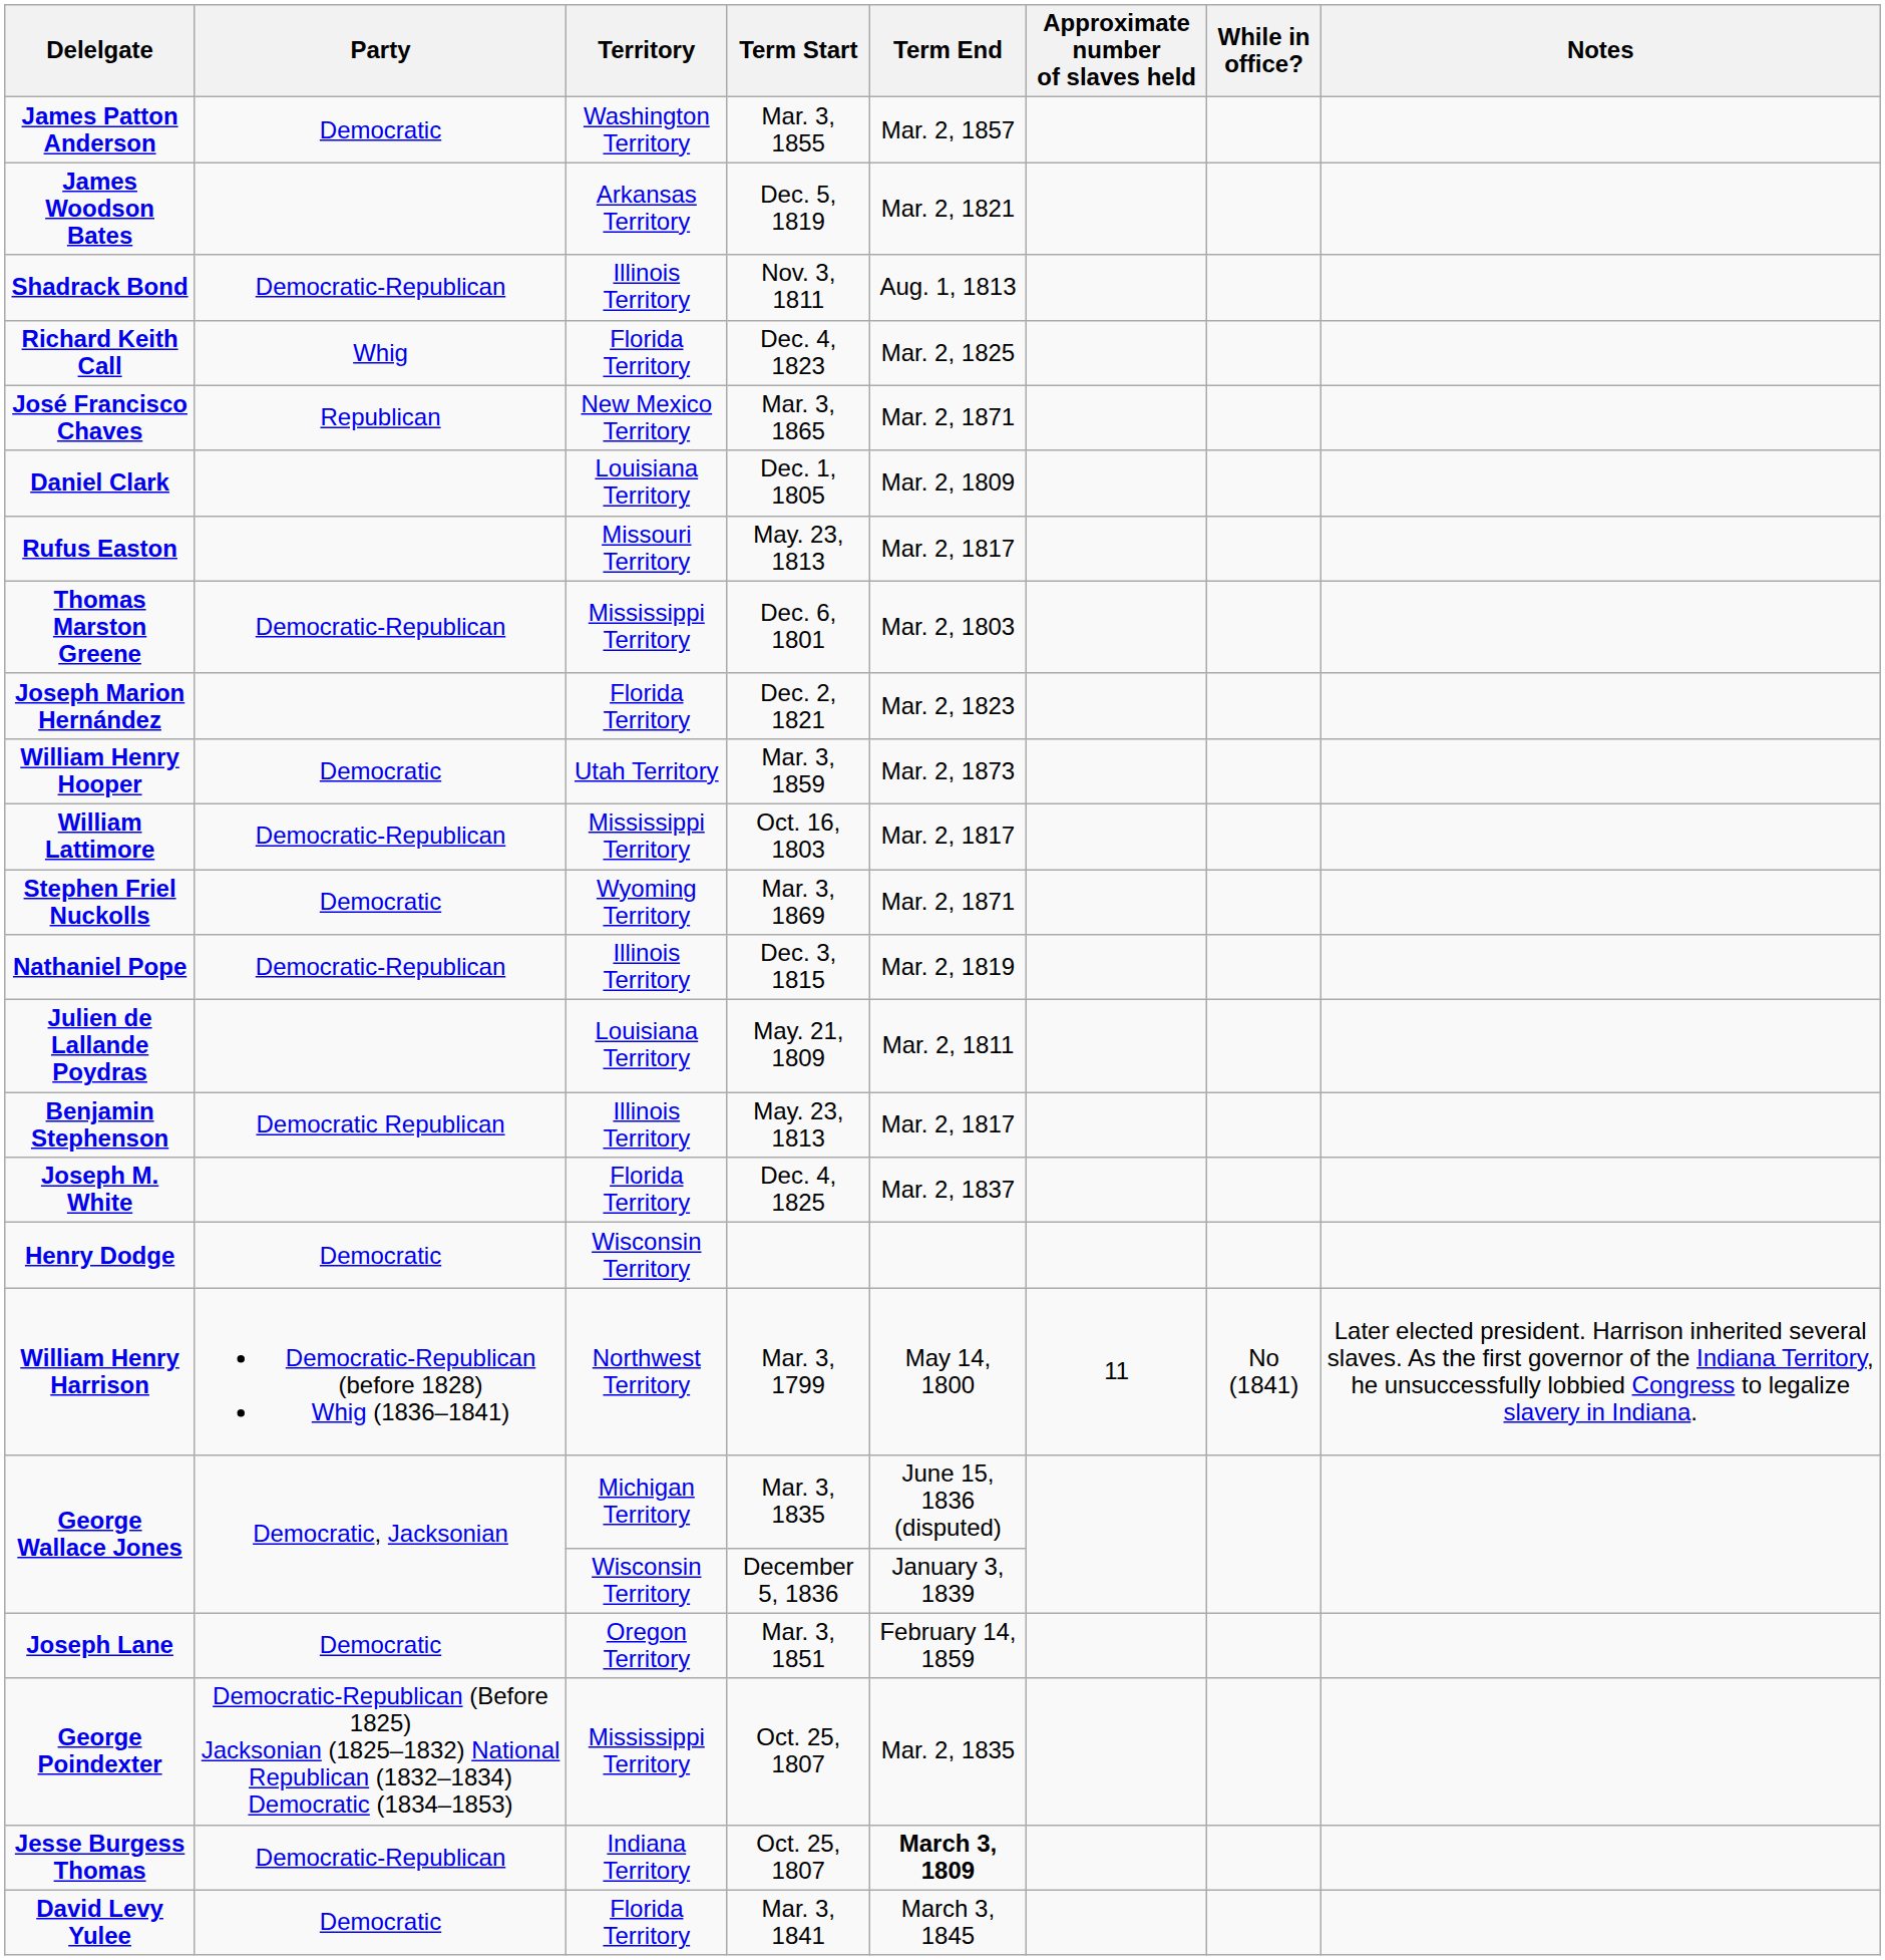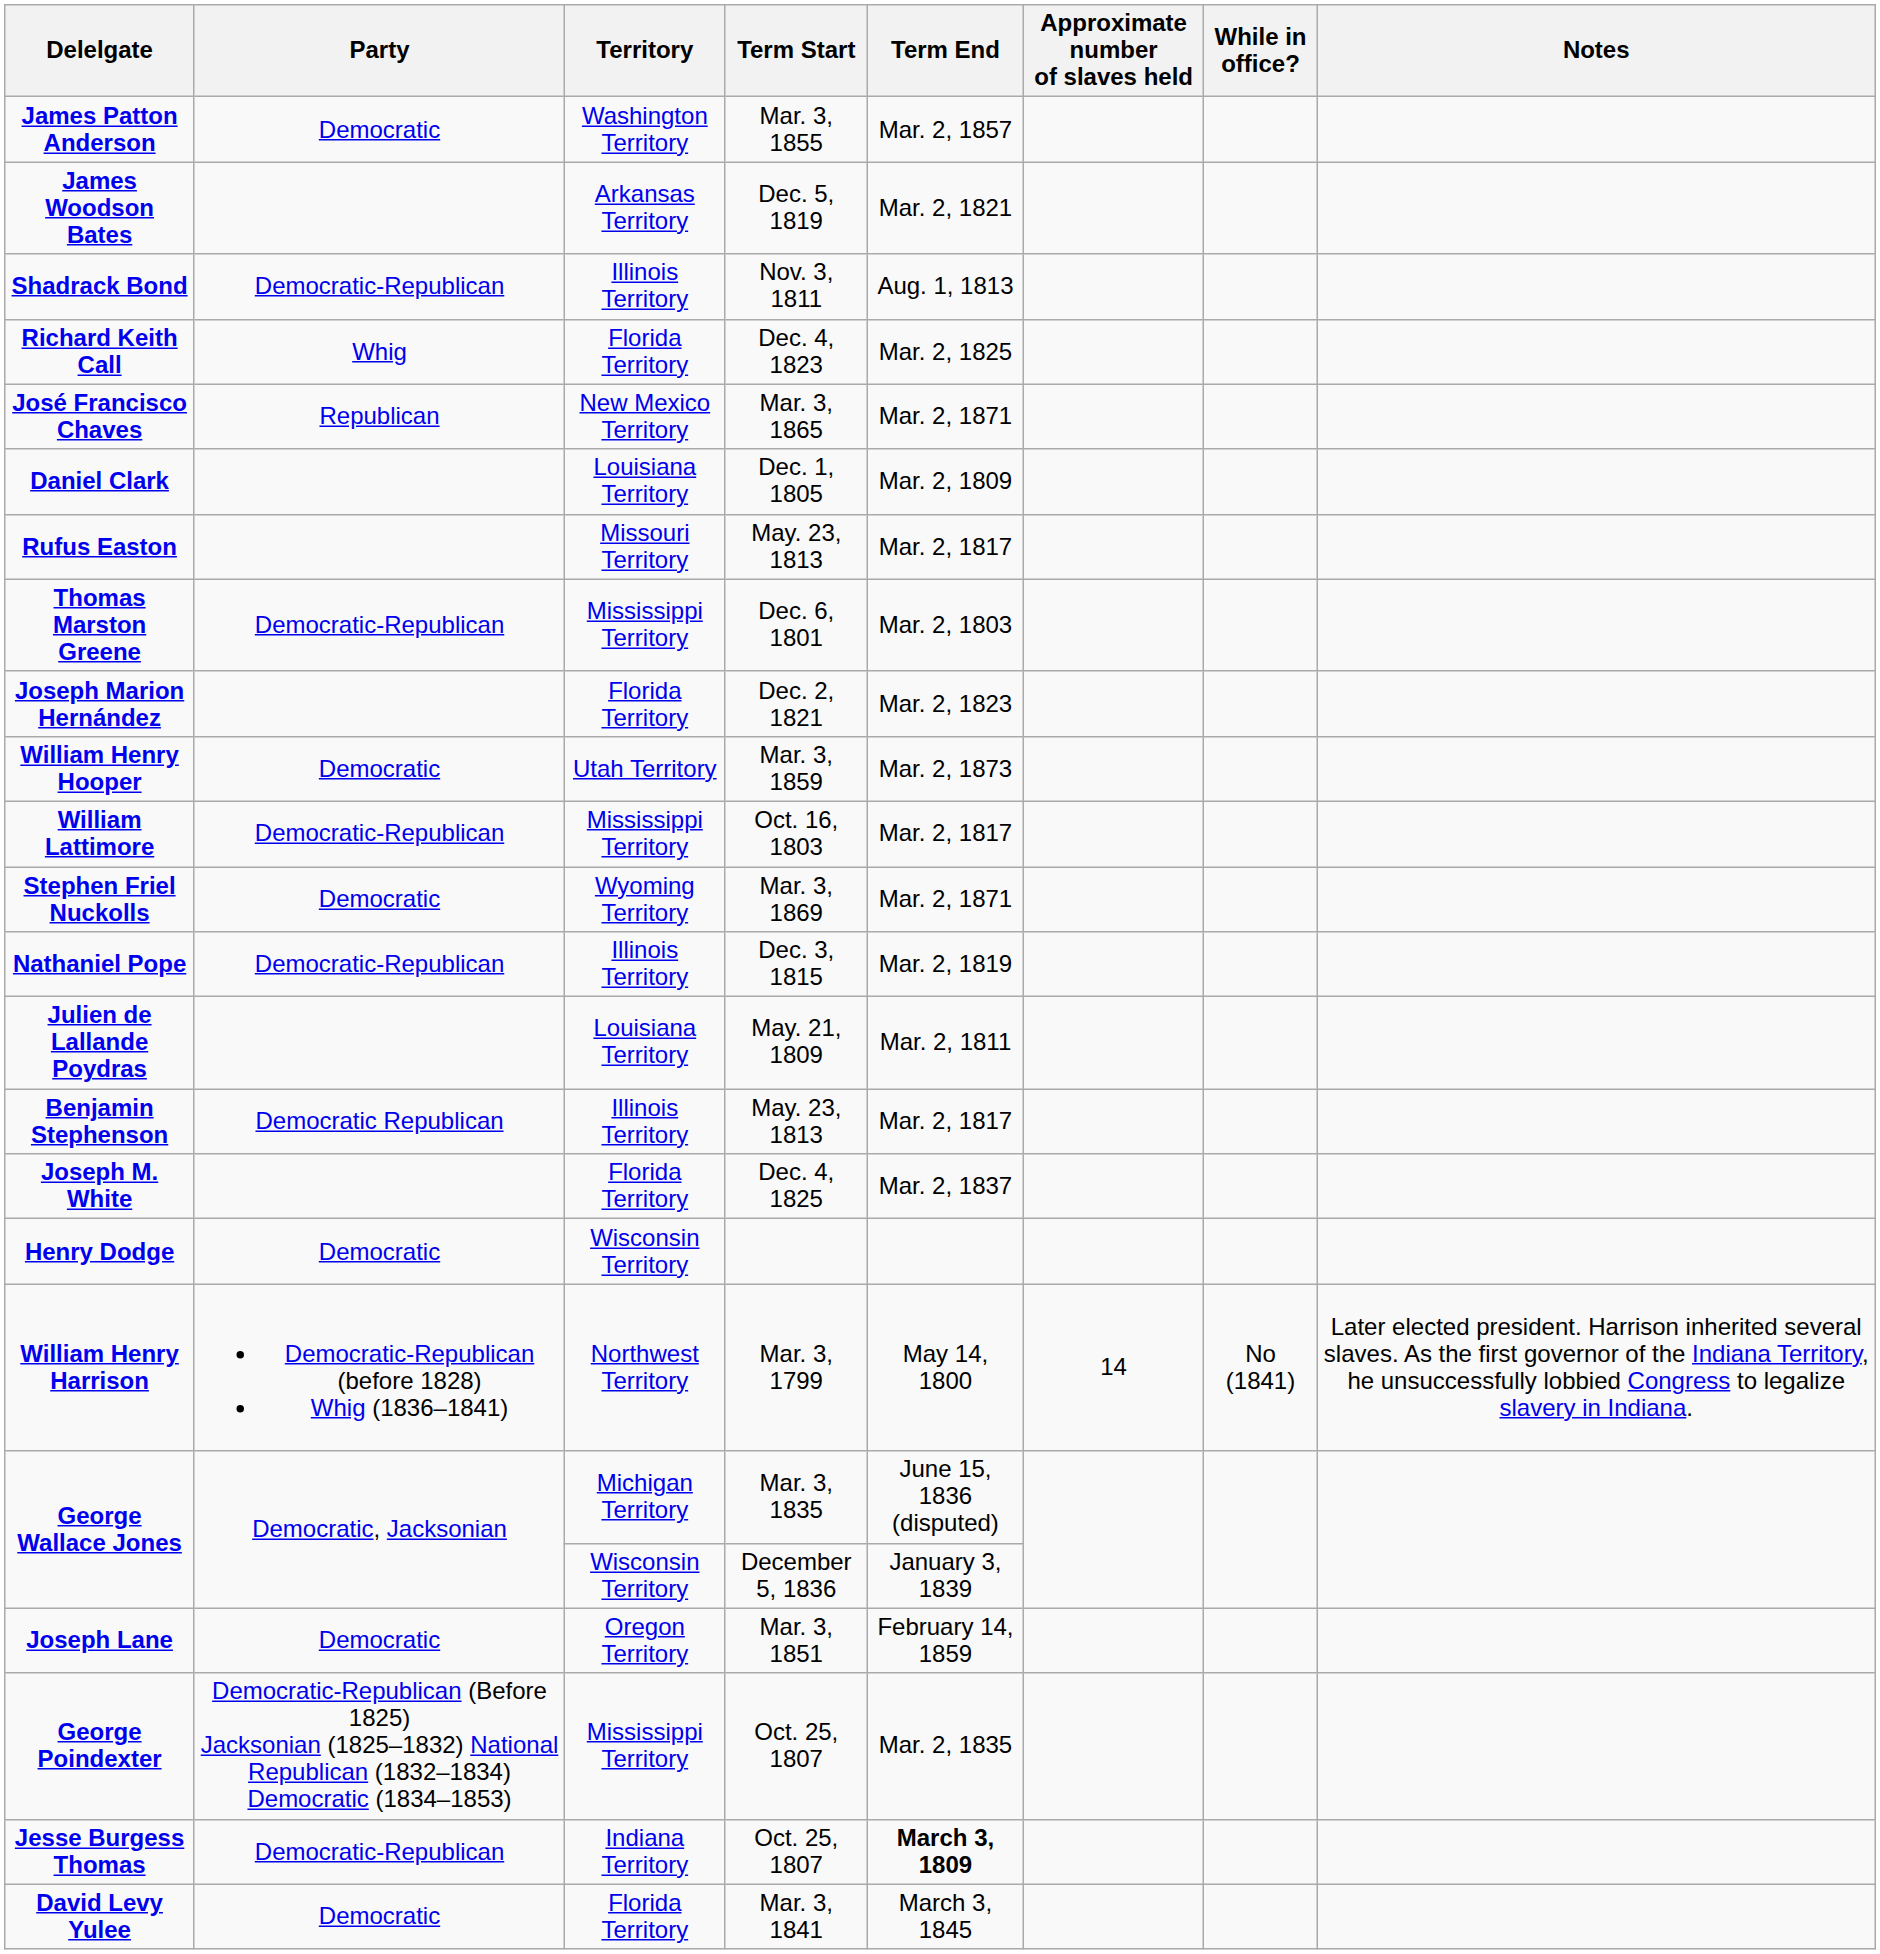 <table class="wikitable sortable" style="text-align:center">
 <tr>
 <th>Delelgate</th>
 <th>Party</th>
 <th>Territory</th>
 <th>Term Start</th>
 <th>Term End</th>
 <th>Approximate number<br>of slaves held</th>
 <th>While in office?</th>
 <th>Notes</th>
 </tr>
 <tr>
 <td><strong><a href='#'>James Patton Anderson</a></strong></td>
 <td><a href='#'>Democratic</a></td>
 <td><a href='#'>Washington Territory</a></td>
 <td>Mar. 3, 1855</td>
 <td>Mar. 2, 1857</td>
 <td></td>
 <td></td>
 <td></td>
 </tr>
 <tr>
 <td><strong><a href='#'>James Woodson Bates</a></strong></td>
 <td></td>
 <td><a href='#'>Arkansas Territory</a></td>
 <td>Dec. 5, 1819</td>
 <td>Mar. 2, 1821</td>
 <td></td>
 <td></td>
 <td></td>
 </tr>
 <tr>
 <td><strong><a href='#'>Shadrack Bond</a></strong></td>
 <td><a href='#'>Democratic-Republican</a></td>
 <td><a href='#'>Illinois Territory</a></td>
 <td>Nov. 3, 1811</td>
 <td>Aug. 1, 1813</td>
 <td></td>
 <td></td>
 <td></td>
 </tr>
 <tr>
 <td><strong><a href='#'>Richard Keith Call</a></strong></td>
 <td><a href='#'>Whig</a></td>
 <td><a href='#'>Florida Territory</a></td>
 <td>Dec. 4, 1823</td>
 <td>Mar. 2, 1825</td>
 <td></td>
 <td></td>
 <td></td>
 </tr>
 <tr>
 <td><strong><a href='#'>José Francisco Chaves</a></strong></td>
 <td><a href='#'>Republican</a></td>
 <td><a href='#'>New Mexico Territory</a></td>
 <td>Mar. 3, 1865</td>
 <td>Mar. 2, 1871</td>
 <td></td>
 <td></td>
 <td></td>
 </tr>
 <tr>
 <td><strong><a href='#'>Daniel Clark</a></strong></td>
 <td></td>
 <td><a href='#'>Louisiana Territory</a></td>
 <td>Dec. 1, 1805</td>
 <td>Mar. 2, 1809</td>
 <td></td>
 <td></td>
 <td></td>
 </tr>
 <tr>
 <td><strong><a href='#'>Rufus Easton</a></strong></td>
 <td></td>
 <td><a href='#'>Missouri Territory</a></td>
 <td>May. 23, 1813</td>
 <td>Mar. 2, 1817</td>
 <td></td>
 <td></td>
 <td></td>
 </tr>
 <tr>
 <td><strong><a href='#'>Thomas Marston Greene</a></strong></td>
 <td><a href='#'>Democratic-Republican</a></td>
 <td><a href='#'>Mississippi Territory</a></td>
 <td>Dec. 6, 1801</td>
 <td>Mar. 2, 1803</td>
 <td></td>
 <td></td>
 <td></td>
 </tr>
 <tr>
 <td><strong><a href='#'>Joseph Marion Hernández</a></strong></td>
 <td></td>
 <td><a href='#'>Florida Territory</a></td>
 <td>Dec. 2, 1821</td>
 <td>Mar. 2, 1823</td>
 <td></td>
 <td></td>
 <td></td>
 </tr>
 <tr>
 <td><strong><a href='#'>William Henry Hooper</a></strong></td>
 <td><a href='#'>Democratic</a></td>
 <td><a href='#'>Utah Territory</a></td>
 <td>Mar. 3, 1859</td>
 <td>Mar. 2, 1873</td>
 <td></td>
 <td></td>
 <td></td>
 </tr>
 <tr>
 <td><strong><a href='#'>William Lattimore</a></strong></td>
 <td><a href='#'>Democratic-Republican</a></td>
 <td><a href='#'>Mississippi Territory</a></td>
 <td>Oct. 16, 1803</td>
 <td>Mar. 2, 1817</td>
 <td></td>
 <td></td>
 <td></td>
 </tr>
 <tr>
 <td><strong><a href='#'>Stephen Friel Nuckolls</a></strong></td>
 <td><a href='#'>Democratic</a></td>
 <td><a href='#'>Wyoming Territory</a></td>
 <td>Mar. 3, 1869</td>
 <td>Mar. 2, 1871</td>
 <td></td>
 <td></td>
 <td></td>
 </tr>
 <tr>
 <td><strong><a href='#'>Nathaniel Pope</a></strong></td>
 <td><a href='#'>Democratic-Republican</a></td>
 <td><a href='#'>Illinois Territory</a></td>
 <td>Dec. 3, 1815</td>
 <td>Mar. 2, 1819</td>
 <td></td>
 <td></td>
 <td></td>
 </tr>
 <tr>
 <td><strong><a href='#'>Julien de Lallande Poydras</a></strong></td>
 <td></td>
 <td><a href='#'>Louisiana Territory</a></td>
 <td>May. 21, 1809</td>
 <td>Mar. 2, 1811</td>
 <td></td>
 <td></td>
 <td></td>
 </tr>
 <tr>
 <td><strong><a href='#'>Benjamin Stephenson</a></strong></td>
 <td><a href='#'>Democratic Republican</a></td>
 <td><a href='#'>Illinois Territory</a></td>
 <td>May. 23, 1813</td>
 <td>Mar. 2, 1817</td>
 <td></td>
 <td></td>
 <td></td>
 </tr>
 <tr>
 <td><strong><a href='#'>Joseph M. White</a></strong></td>
 <td></td>
 <td><a href='#'>Florida Territory</a></td>
 <td>Dec. 4, 1825</td>
 <td>Mar. 2, 1837</td>
 <td></td>
 <td></td>
 <td></td>
 </tr>
 <tr>
 <td><strong><a href='#'>Henry Dodge</a></strong></td>
 <td><a href='#'>Democratic</a></td>
 <td><a href='#'>Wisconsin Territory</a></td>
 <td></td>
 <td></td>
 <td></td>
 <td></td>
 <td></td>
 </tr>
 <tr>
 <td><strong><a href='#'>William Henry Harrison</a></strong></td>
 <td><br><ul><li><a href='#'>Democratic-Republican</a> (before 1828)</li><li><a href='#'>Whig</a> (1836–1841)</li></ul></td>
 <td><a href='#'>Northwest Territory</a></td>
 <td>Mar. 3, 1799</td>
 <td>May 14, 1800</td>
-<td>11</td>
+<td>14</td>
 <td>No (1841)</td>
 <td>Later elected president. Harrison inherited several slaves. As the first governor of the <a href='#'>Indiana Territory</a>, he unsuccessfully lobbied <a href='#'>Congress</a> to legalize <a href='#'>slavery in Indiana</a>.</td>
 </tr>
 <tr>
 <td rowspan="2"><strong><a href='#'>George Wallace Jones</a></strong></td>
 <td rowspan="2"><a href='#'>Democratic</a>, <a href='#'>Jacksonian</a></td>
 <td><a href='#'>Michigan Territory</a></td>
 <td>Mar. 3, 1835</td>
 <td>June 15, 1836 (disputed)</td>
 <td rowspan="2"></td>
 <td rowspan="2"></td>
 <td rowspan="2"></td>
 </tr>
 <tr>
 <td><a href='#'>Wisconsin Territory</a></td>
 <td>December 5, 1836</td>
 <td>January 3, 1839</td>
 </tr>
 <tr>
 <td><strong><a href='#'>Joseph Lane</a></strong></td>
 <td><a href='#'>Democratic</a></td>
 <td><a href='#'>Oregon Territory</a></td>
 <td>Mar. 3, 1851</td>
 <td>February 14, 1859</td>
 <td></td>
 <td></td>
 <td></td>
 </tr>
 <tr>
 <td><strong><a href='#'>George Poindexter</a></strong></td>
 <td><a href='#'>Democratic-Republican</a> (Before 1825)<br><a href='#'>Jacksonian</a> (1825–1832) <a href='#'>National Republican</a> (1832–1834) <a href='#'>Democratic</a> (1834–1853)</td>
 <td><a href='#'>Mississippi Territory</a></td>
 <td>Oct. 25, 1807</td>
 <td>Mar. 2, 1835</td>
 <td></td>
 <td></td>
 <td></td>
 </tr>
 <tr>
 <td><strong><a href='#'>Jesse Burgess Thomas</a></strong></td>
 <td><a href='#'>Democratic-Republican</a></td>
 <td><a href='#'>Indiana Territory</a></td>
 <td>Oct. 25, 1807</td>
 <td><strong>March 3, 1809</strong></td>
 <td></td>
 <td></td>
 <td></td>
 </tr>
 <tr>
 <td><strong><a href='#'>David Levy Yulee</a></strong></td>
 <td><a href='#'>Democratic</a></td>
 <td><a href='#'>Florida Territory</a></td>
 <td>Mar. 3, 1841</td>
 <td>March 3, 1845</td>
 <td></td>
 <td></td>
 <td></td>
 </tr>
 </table>
